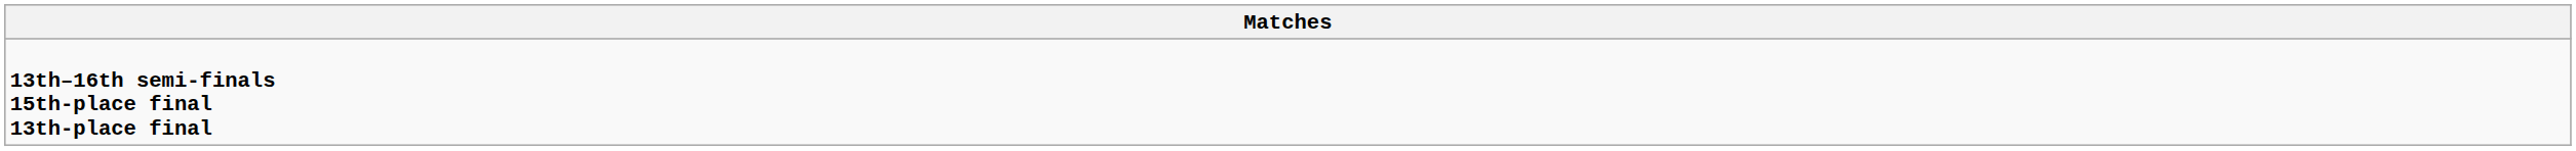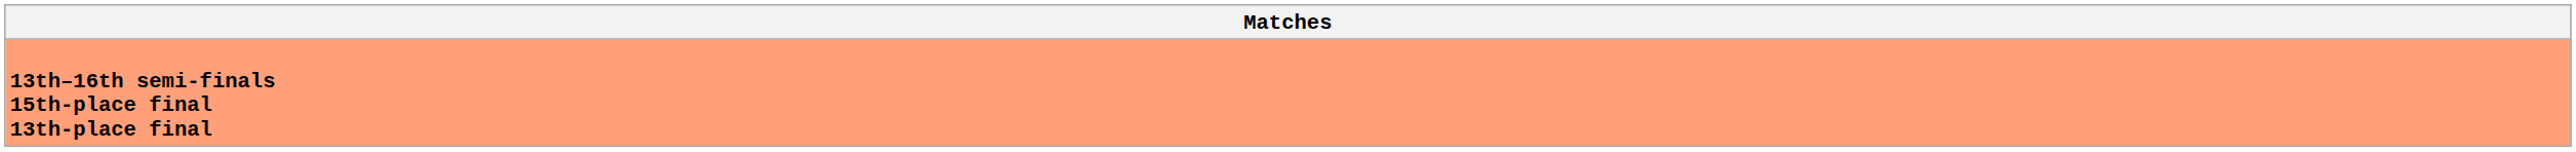 <table class="wikitable collapsible expanded" style="width:100%;">
 <tr>
 <th>Matches</th>
 </tr>
 <tr>
-<td><br><strong>13th–16th semi-finals</strong>  <br><strong>15th-place final</strong> <br><strong>13th-place final</strong> </td>
+<td style="background: lightsalmon;"><br><strong>13th–16th semi-finals</strong>  <br><strong>15th-place final</strong> <br><strong>13th-place final</strong> </td>
 </tr>
 </table>
